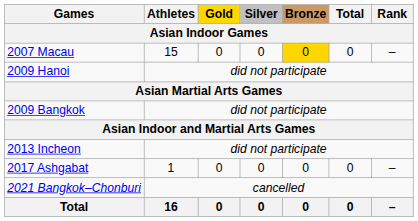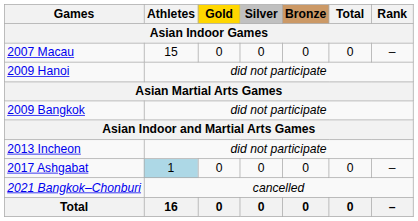 <table class="wikitable sortable" style="margin-top:0em; text-align:center; font-size:100%;">
 <tr>
 <th>Games</th>
 <th scope="col" style="width:4em;">Athletes</th>
 <th style="background:gold; width:3em;"><strong>Gold</strong></th>
 <th style="background:silver; width:3em;"><strong>Silver</strong></th>
 <th style="background:#cc9966; width:3em;"><strong>Bronze</strong></th>
 <th style="width:3em;">Total</th>
 <th style="width:3em;">Rank</th>
 </tr>
 <tr>
 <th colspan=7><strong>Asian Indoor Games</strong></th>
 </tr>
 <tr>
 <td align=left> <a href='#'>2007 Macau</a></td>
 <td>15</td>
 <td>0</td>
 <td>0</td>
-<td style="background: gold;">0</td>
+<td>0</td>
 <td>0</td>
 <td>–</td>
 </tr>
 <tr>
 <td align=left> <a href='#'>2009 Hanoi</a></td>
 <td colspan=6><em>did not participate</em></td>
 </tr>
 <tr>
 <th colspan=7><strong>Asian Martial Arts Games</strong></th>
 </tr>
 <tr>
 <td align=left> <a href='#'>2009 Bangkok</a></td>
 <td colspan=6><em>did not participate</em></td>
 </tr>
 <tr>
 <th colspan=7><strong>Asian Indoor and Martial Arts Games</strong></th>
 </tr>
 <tr>
 <td align=left> <a href='#'>2013 Incheon</a></td>
 <td colspan=6><em>did not participate</em></td>
 </tr>
 <tr>
 <td align=left> <a href='#'>2017 Ashgabat</a></td>
-<td>1</td>
+<td style="background: lightblue;">1</td>
 <td>0</td>
 <td>0</td>
 <td>0</td>
 <td>0</td>
 <td>–</td>
 </tr>
 <tr>
 <td align=left> <em><a href='#'>2021 Bangkok–Chonburi</a></em></td>
 <td colspan=6><em>cancelled</em></td>
 </tr>
 <tr>
 <th>Total</th>
 <th>16</th>
 <th>0</th>
 <th>0</th>
 <th>0</th>
 <th>0</th>
 <th>–</th>
 </tr>
 </table>
